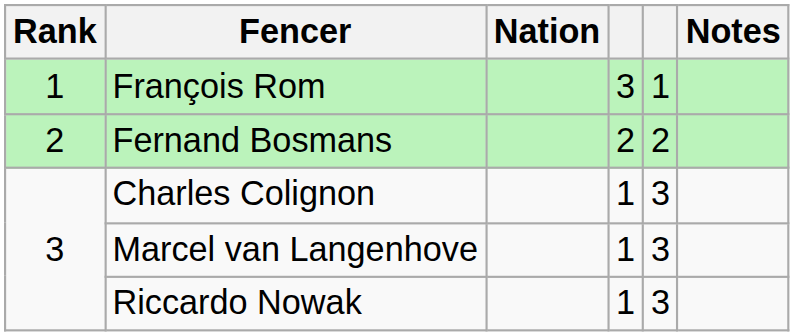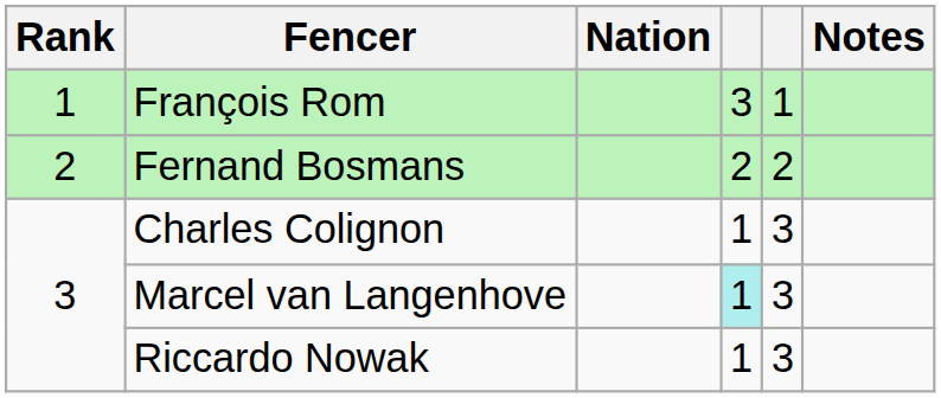 <table class="wikitable sortable" style="text-align:center">
 <tr>
 <th>Rank</th>
 <th>Fencer</th>
 <th>Nation</th>
 <th></th>
 <th></th>
 <th>Notes</th>
 </tr>
 <tr bgcolor=bbf3bb>
 <td>1</td>
 <td align=left>François Rom</td>
 <td align=left></td>
 <td>3</td>
 <td>1</td>
 <td></td>
 </tr>
 <tr bgcolor=bbf3bb>
 <td>2</td>
 <td align=left>Fernand Bosmans</td>
 <td align=left></td>
 <td>2</td>
 <td>2</td>
 <td></td>
 </tr>
 <tr>
 <td rowspan=3>3</td>
 <td align=left>Charles Colignon</td>
 <td align=left></td>
 <td>1</td>
 <td>3</td>
 <td></td>
 </tr>
 <tr>
 <td align=left>Marcel van Langenhove</td>
 <td align=left></td>
-<td>1</td>
+<td style="background: paleturquoise;">1</td>
 <td>3</td>
 <td></td>
 </tr>
 <tr>
 <td align=left>Riccardo Nowak</td>
 <td align=left></td>
 <td>1</td>
 <td>3</td>
 <td></td>
 </tr>
 </table>
